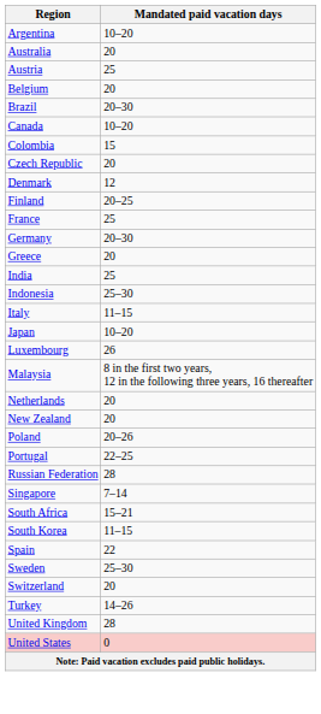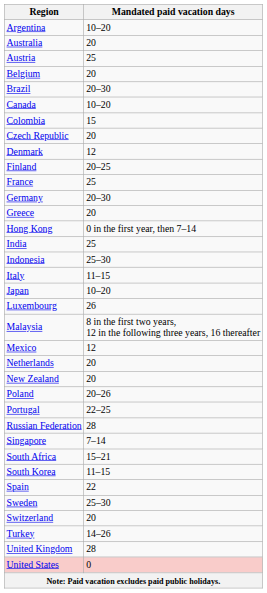 <table class="wikitable sortable">
 <tr>
 <th>Region</th>
 <th>Mandated paid vacation days</th>
 </tr>
 <tr>
 <td><a href='#'>Argentina</a></td>
 <td>10–20</td>
 </tr>
 <tr>
 <td><a href='#'>Australia</a></td>
 <td>20</td>
 </tr>
 <tr>
 <td><a href='#'>Austria</a></td>
 <td>25</td>
 </tr>
 <tr>
 <td><a href='#'>Belgium</a></td>
 <td>20</td>
 </tr>
 <tr>
 <td><a href='#'>Brazil</a></td>
 <td>20–30</td>
 </tr>
 <tr>
 <td><a href='#'>Canada</a></td>
 <td>10–20</td>
 </tr>
 <tr>
 <td><a href='#'>Colombia</a></td>
 <td>15</td>
 </tr>
 <tr>
 <td><a href='#'>Czech Republic</a></td>
 <td>20</td>
 </tr>
 <tr>
 <td><a href='#'>Denmark</a></td>
 <td>12</td>
 </tr>
 <tr>
 <td><a href='#'>Finland</a></td>
 <td>20–25</td>
 </tr>
 <tr>
 <td><a href='#'>France</a></td>
 <td>25</td>
 </tr>
 <tr>
 <td><a href='#'>Germany</a></td>
 <td>20–30</td>
 </tr>
 <tr>
 <td><a href='#'>Greece</a></td>
 <td>20</td>
 </tr>
 <tr>
+<td><a href='#'>Hong Kong</a></td>
+<td>0 in the first year, then 7–14</td>
+</tr>
+<tr>
 <td><a href='#'>India</a></td>
 <td>25</td>
 </tr>
 <tr>
 <td><a href='#'>Indonesia</a></td>
 <td>25–30</td>
 </tr>
 <tr>
 <td><a href='#'>Italy</a></td>
 <td>11–15</td>
 </tr>
 <tr>
 <td><a href='#'>Japan</a></td>
 <td>10–20</td>
 </tr>
 <tr>
 <td><a href='#'>Luxembourg</a></td>
 <td>26</td>
 </tr>
 <tr>
 <td><a href='#'>Malaysia</a></td>
 <td>8 in the first two years,<br>12 in the following three years, 16 thereafter</td>
+</tr>
+<tr>
+<td><a href='#'>Mexico</a></td>
+<td>12</td>
 </tr>
 <tr ->
 <td><a href='#'>Netherlands</a></td>
 <td>20</td>
 </tr>
 <tr>
 <td><a href='#'>New Zealand</a></td>
 <td>20</td>
 </tr>
 <tr>
 <td><a href='#'>Poland</a></td>
 <td>20–26</td>
 </tr>
 <tr>
 <td><a href='#'>Portugal</a></td>
 <td>22–25</td>
 </tr>
 <tr>
 <td><a href='#'>Russian Federation</a></td>
 <td>28</td>
 </tr>
 <tr>
 <td><a href='#'>Singapore</a></td>
 <td>7–14</td>
 </tr>
 <tr>
 <td><a href='#'>South Africa</a></td>
 <td>15–21</td>
 </tr>
 <tr>
 <td><a href='#'>South Korea</a></td>
 <td>11–15</td>
 </tr>
 <tr>
 <td><a href='#'>Spain</a></td>
 <td>22</td>
 </tr>
 <tr>
 <td><a href='#'>Sweden</a></td>
 <td>25–30</td>
 </tr>
 <tr>
 <td><a href='#'>Switzerland</a></td>
 <td>20</td>
 </tr>
 <tr>
 <td><a href='#'>Turkey</a></td>
 <td>14–26</td>
 </tr>
 <tr>
 <td><a href='#'>United Kingdom</a></td>
 <td>28</td>
 </tr>
 <tr>
 <td bgcolor="#f9ccca"><a href='#'>United States</a></td>
 <td bgcolor="#f9ccca">0</td>
 </tr>
 <tr>
 <th colspan="2"  align="left" bgcolor="#c0c0c0"><small>Note: Paid vacation excludes paid public holidays.</small></th>
 </tr>
 </table>
